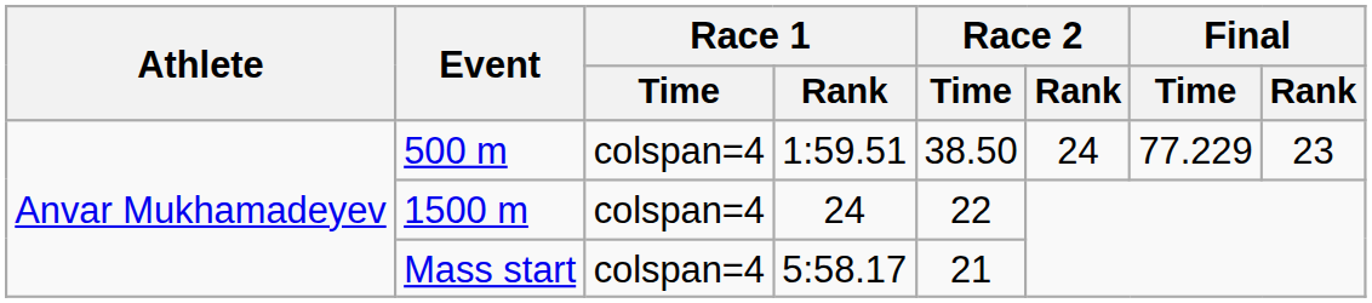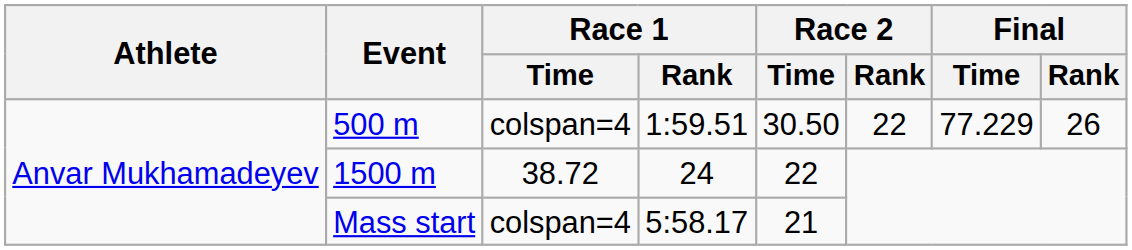 <table class="wikitable" style="font-size:90%">
 <tr>
 <th rowspan=2>Athlete</th>
 <th rowspan=2>Event</th>
 <th colspan=2>Race 1</th>
 <th colspan=2>Race 2</th>
 <th colspan=2>Final</th>
 </tr>
 <tr style="font-size:95%">
 <th>Time</th>
 <th>Rank</th>
 <th>Time</th>
 <th>Rank</th>
 <th>Time</th>
 <th>Rank</th>
 </tr>
 <tr align=center>
 <td align=left rowspan=3><a href='#'>Anvar Mukhamadeyev</a></td>
 <td align=left><a href='#'>500 m</a></td>
 <td>colspan=4 </td>
 <td>1:59.51</td>
-<td>38.50</td>
-<td>24</td>
+<td>30.50</td>
+<td>22</td>
 <td>77.229</td>
-<td>23</td>
+<td>26</td>
 </tr>
 <tr align=center>
 <td align=left><a href='#'>1500 m</a></td>
-<td>colspan=4 </td>
+<td>38.72</td>
 <td>24</td>
 <td>22</td>
 </tr>
 <tr align=center>
 <td align=left><a href='#'>Mass start</a></td>
 <td>colspan=4 </td>
 <td>5:58.17</td>
 <td>21</td>
 </tr>
 </table>
